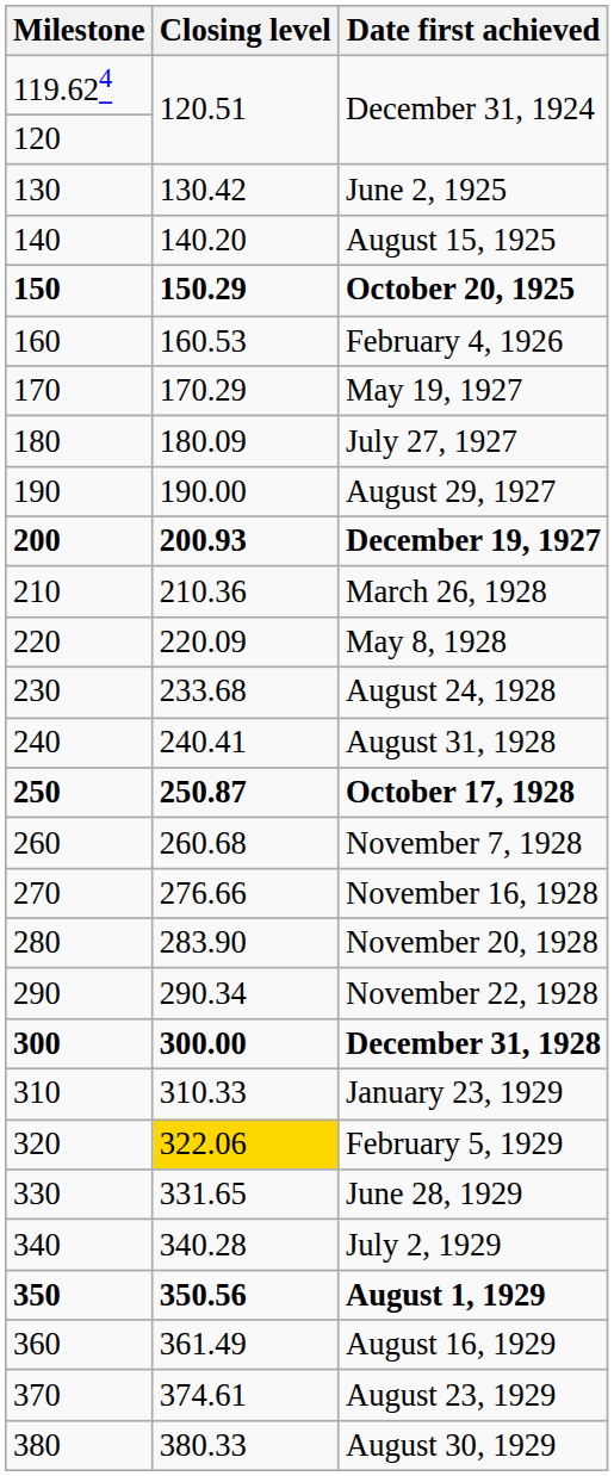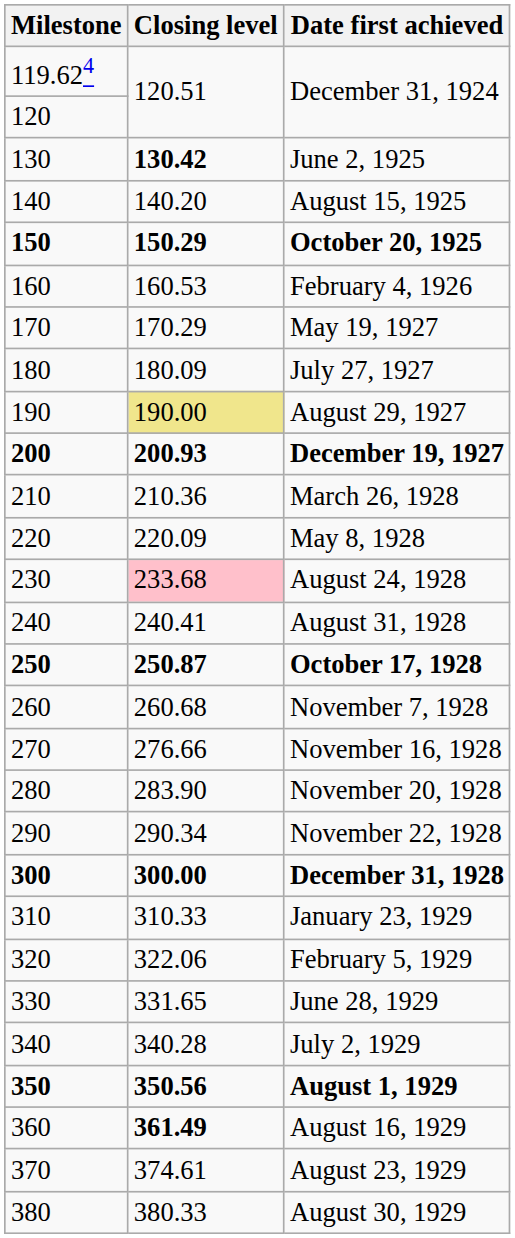 <table class="wikitable">
 <tr>
 <th>Milestone</th>
 <th>Closing level</th>
 <th>Date first achieved</th>
 </tr>
 <tr>
 <td>119.62<a href='#'><sup>4</sup></a></td>
 <td rowspan="2">120.51</td>
 <td rowspan="2">December 31, 1924</td>
 </tr>
 <tr>
 <td>120</td>
 </tr>
 <tr>
 <td>130</td>
-<td>130.42</td>
+<td><strong>130.42</strong></td>
 <td>June 2, 1925</td>
 </tr>
 <tr>
 <td>140</td>
 <td>140.20</td>
 <td>August 15, 1925</td>
 </tr>
 <tr>
 <td><strong>150</strong></td>
 <td><strong>150.29</strong></td>
 <td><strong>October 20, 1925</strong></td>
 </tr>
 <tr>
 <td>160</td>
 <td>160.53</td>
 <td>February 4, 1926</td>
 </tr>
 <tr>
 <td>170</td>
 <td>170.29</td>
 <td>May 19, 1927</td>
 </tr>
 <tr>
 <td>180</td>
 <td>180.09</td>
 <td>July 27, 1927</td>
 </tr>
 <tr>
 <td>190</td>
-<td>190.00</td>
+<td style="background: khaki;">190.00</td>
 <td>August 29, 1927</td>
 </tr>
 <tr>
 <td><strong>200</strong></td>
 <td><strong>200.93</strong></td>
 <td><strong>December 19, 1927</strong></td>
 </tr>
 <tr>
 <td>210</td>
 <td>210.36</td>
 <td>March 26, 1928</td>
 </tr>
 <tr>
 <td>220</td>
 <td>220.09</td>
 <td>May 8, 1928</td>
 </tr>
 <tr>
 <td>230</td>
-<td>233.68</td>
+<td style="background: pink;">233.68</td>
 <td>August 24, 1928</td>
 </tr>
 <tr>
 <td>240</td>
 <td>240.41</td>
 <td>August 31, 1928</td>
 </tr>
 <tr>
 <td><strong>250</strong></td>
 <td><strong>250.87</strong></td>
 <td><strong>October 17, 1928</strong></td>
 </tr>
 <tr>
 <td>260</td>
 <td>260.68</td>
 <td>November 7, 1928</td>
 </tr>
 <tr>
 <td>270</td>
 <td>276.66</td>
 <td>November 16, 1928</td>
 </tr>
 <tr>
 <td>280</td>
 <td>283.90</td>
 <td>November 20, 1928</td>
 </tr>
 <tr>
 <td>290</td>
 <td>290.34</td>
 <td>November 22, 1928</td>
 </tr>
 <tr>
 <td><strong>300</strong></td>
 <td><strong>300.00</strong></td>
 <td><strong>December 31, 1928</strong></td>
 </tr>
 <tr>
 <td>310</td>
 <td>310.33</td>
 <td>January 23, 1929</td>
 </tr>
 <tr>
 <td>320</td>
-<td style="background: gold;">322.06</td>
+<td>322.06</td>
 <td>February 5, 1929</td>
 </tr>
 <tr>
 <td>330</td>
 <td>331.65</td>
 <td>June 28, 1929</td>
 </tr>
 <tr>
 <td>340</td>
 <td>340.28</td>
 <td>July 2, 1929</td>
 </tr>
 <tr>
 <td><strong>350</strong></td>
 <td><strong>350.56</strong></td>
 <td><strong>August 1, 1929</strong></td>
 </tr>
 <tr>
 <td>360</td>
-<td>361.49</td>
+<td><strong>361.49</strong></td>
 <td>August 16, 1929</td>
 </tr>
 <tr>
 <td>370</td>
 <td>374.61</td>
 <td>August 23, 1929</td>
 </tr>
 <tr>
 <td>380</td>
 <td>380.33</td>
 <td>August 30, 1929</td>
 </tr>
 </table>
